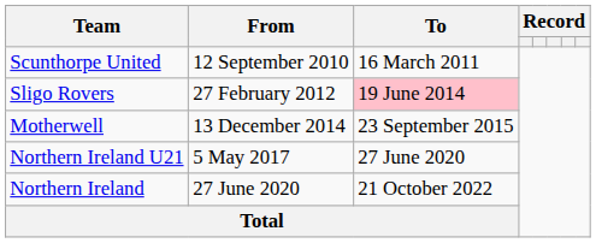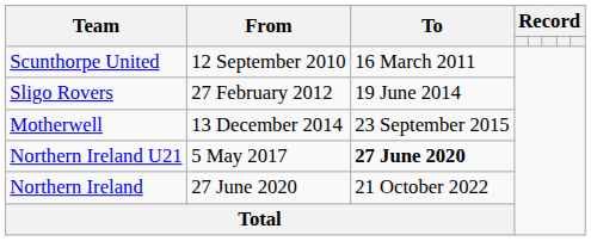 <table class=wikitable style="text-align: center">
 <tr>
 <th rowspan=2>Team</th>
 <th rowspan=2>From</th>
 <th rowspan=2>To</th>
 <th colspan=5>Record</th>
 </tr>
 <tr>
 <th></th>
 <th></th>
 <th></th>
 <th></th>
 <th></th>
 </tr>
 <tr>
 <td align=left><a href='#'>Scunthorpe United</a></td>
 <td align=left>12 September 2010</td>
 <td align=left>16 March 2011<br></td>
 </tr>
 <tr>
 <td align=left><a href='#'>Sligo Rovers</a></td>
 <td align=left>27 February 2012</td>
-<td align=left style="background: pink;">19 June 2014<br></td>
+<td align=left>19 June 2014<br></td>
 </tr>
 <tr>
 <td align=left><a href='#'>Motherwell</a></td>
 <td align=left>13 December 2014</td>
 <td align=left>23 September 2015<br></td>
 </tr>
 <tr>
 <td align=left><a href='#'>Northern Ireland U21</a></td>
 <td align=left>5 May 2017</td>
-<td align=left>27 June 2020<br></td>
+<td align=left><strong>27 June 2020<br></strong></td>
 </tr>
 <tr>
 <td align=left><a href='#'>Northern Ireland</a></td>
 <td align=left>27 June 2020</td>
 <td align=left>21 October 2022<br></td>
 </tr>
 <tr>
 <th colspan=3>Total<br></th>
 </tr>
 </table>
